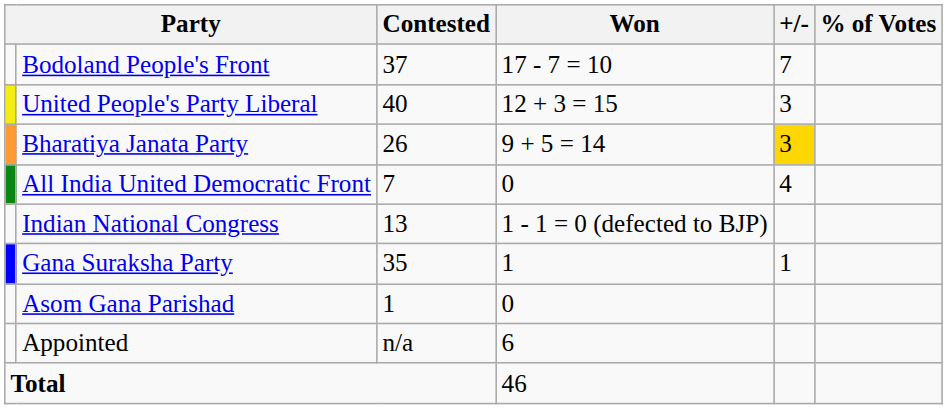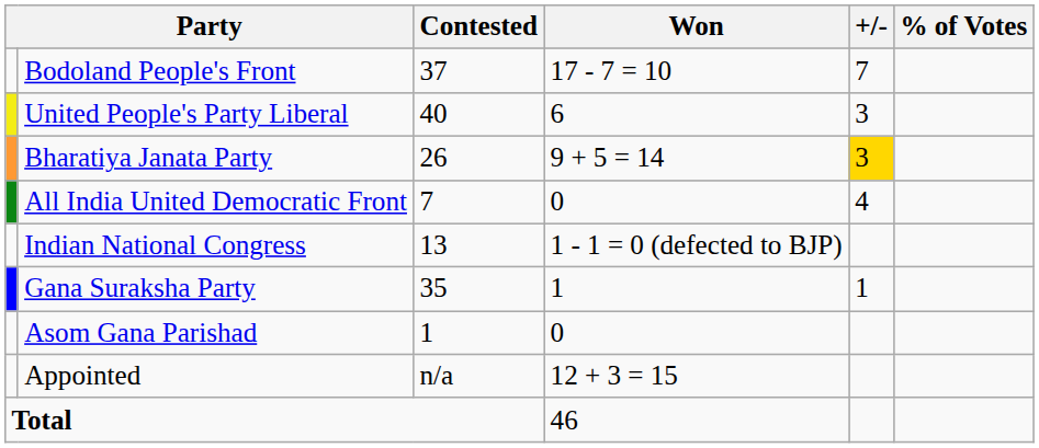 <table class="wikitable sortable">
 <tr>
 <th Colspan=2>Party</th>
 <th>Contested</th>
 <th>Won</th>
 <th>+/-</th>
 <th>% of Votes</th>
 </tr>
 <tr>
 <td bgcolor=></td>
 <td><a href='#'>Bodoland People's Front</a></td>
 <td>37</td>
 <td>17 - 7 = 10</td>
 <td> 7</td>
 <td></td>
 </tr>
 <tr>
 <td bgcolor=#F3ED13></td>
 <td><a href='#'>United People's Party Liberal</a></td>
 <td>40</td>
-<td>12 + 3 = 15</td>
+<td>6</td>
 <td> 3</td>
 <td></td>
 </tr>
 <tr>
 <td bgcolor=#FF9933></td>
 <td><a href='#'>Bharatiya Janata Party</a></td>
 <td>26</td>
 <td>9 + 5 = 14</td>
 <td style="background: gold;"> 3</td>
 <td></td>
 </tr>
 <tr>
 <td bgcolor=#0A8612></td>
 <td><a href='#'>All India United Democratic Front</a></td>
 <td>7</td>
 <td>0</td>
 <td> 4</td>
 <td></td>
 </tr>
 <tr>
 <td style="background-color:"></td>
 <td><a href='#'>Indian National Congress</a></td>
 <td>13</td>
 <td>1 - 1 = 0 (defected to BJP)</td>
 <td></td>
 <td></td>
 </tr>
 <tr>
 <td bgcolor=#0000FF></td>
 <td><a href='#'>Gana Suraksha Party</a></td>
 <td>35</td>
 <td>1</td>
 <td> 1</td>
 <td></td>
 </tr>
 <tr>
 <td style="background-color:"></td>
 <td><a href='#'>Asom Gana Parishad</a></td>
 <td>1</td>
 <td>0</td>
 <td></td>
 <td></td>
 </tr>
 <tr>
 <td></td>
 <td>Appointed</td>
 <td>n/a</td>
-<td>6</td>
+<td>12 + 3 = 15</td>
 <td></td>
 <td></td>
 </tr>
 <tr>
 <td colspan=3><strong>Total</strong></td>
 <td>46</td>
 <td></td>
 <td></td>
 </tr>
 </table>
